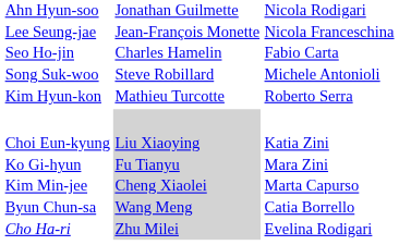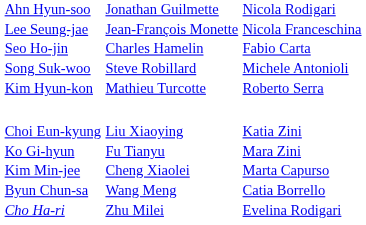 <table>
 <tr>
 <th scope=row style="text-align:left"><br></th>
 <td valign="top"><strong></strong><br><small><a href='#'>Ahn Hyun-soo</a><br><a href='#'>Lee Seung-jae</a><br><a href='#'>Seo Ho-jin</a><br><a href='#'>Song Suk-woo</a><br><a href='#'>Kim Hyun-kon</a></small></td>
 <td valign="top"><strong></strong><br><small><a href='#'>Jonathan Guilmette</a><br><a href='#'>Jean-François Monette</a><br><a href='#'>Charles Hamelin</a><br><a href='#'>Steve Robillard</a><br><a href='#'>Mathieu Turcotte</a></small></td>
 <td valign="top"><strong></strong><br><small><a href='#'>Nicola Rodigari</a><br><a href='#'>Nicola Franceschina</a><br><a href='#'>Fabio Carta</a><br><a href='#'>Michele Antonioli</a><br><a href='#'>Roberto Serra</a></small></td>
 </tr>
 <tr>
 <th scope=row style="text-align:left"><br></th>
 <td valign="top"><strong></strong><br><small><a href='#'>Choi Eun-kyung</a><br><a href='#'>Ko Gi-hyun</a><br><a href='#'>Kim Min-jee</a><br><a href='#'>Byun Chun-sa</a><br><em><a href='#'>Cho Ha-ri</a></em></small></td>
-<td valign="top" style="background: lightgrey;"><strong></strong><br><small><a href='#'>Liu Xiaoying</a><br><a href='#'>Fu Tianyu</a><br><a href='#'>Cheng Xiaolei</a><br><a href='#'>Wang Meng</a><br><a href='#'>Zhu Milei</a></small></td>
+<td valign="top"><strong></strong><br><small><a href='#'>Liu Xiaoying</a><br><a href='#'>Fu Tianyu</a><br><a href='#'>Cheng Xiaolei</a><br><a href='#'>Wang Meng</a><br><a href='#'>Zhu Milei</a></small></td>
 <td valign="top"><strong></strong><br><small><a href='#'>Katia Zini</a><br><a href='#'>Mara Zini</a><br><a href='#'>Marta Capurso</a><br><a href='#'>Catia Borrello</a><br><a href='#'>Evelina Rodigari</a></small></td>
 </tr>
 </table>
